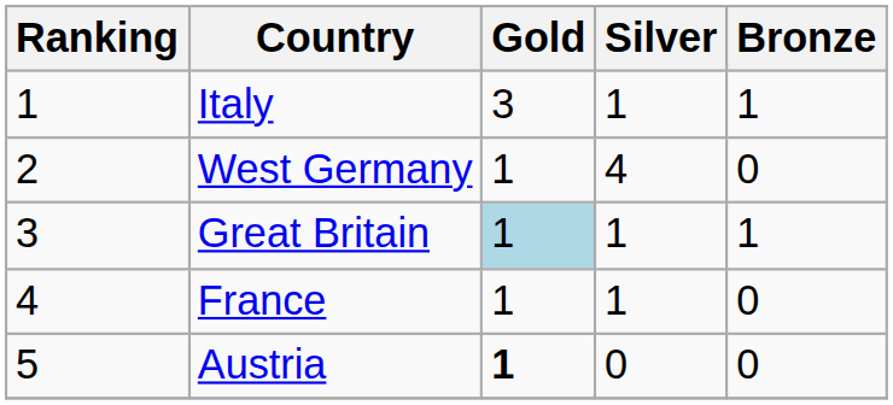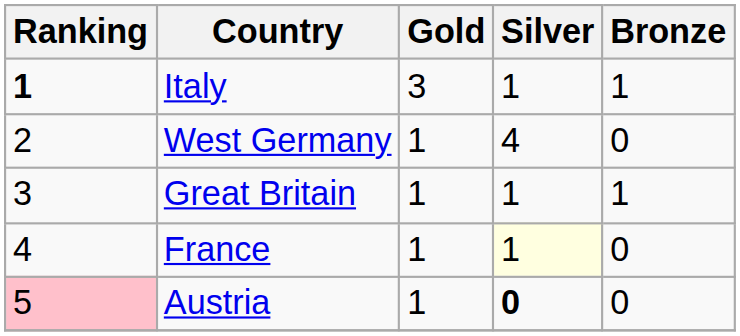 <table class="wikitable">
 <tr>
 <th>Ranking</th>
 <th>Country</th>
 <th>Gold </th>
 <th>Silver </th>
 <th>Bronze </th>
 </tr>
 <tr>
-<td>1</td>
+<td><strong>1</strong></td>
 <td> <a href='#'>Italy</a></td>
 <td>3</td>
 <td>1</td>
 <td>1</td>
 </tr>
 <tr>
 <td>2</td>
 <td> <a href='#'>West Germany</a></td>
 <td>1</td>
 <td>4</td>
 <td>0</td>
 </tr>
 <tr>
 <td>3</td>
 <td> <a href='#'>Great Britain</a></td>
-<td style="background: lightblue;">1</td>
+<td>1</td>
 <td>1</td>
 <td>1</td>
 </tr>
 <tr>
 <td>4</td>
 <td> <a href='#'>France</a></td>
 <td>1</td>
-<td>1</td>
+<td style="background: lightyellow;">1</td>
 <td>0</td>
 </tr>
 <tr>
-<td>5</td>
+<td style="background: pink;">5</td>
 <td> <a href='#'>Austria</a></td>
-<td><strong>1</strong></td>
-<td>0</td>
+<td>1</td>
+<td><strong>0</strong></td>
 <td>0</td>
 </tr>
 <tr>
 </tr>
 </table>
